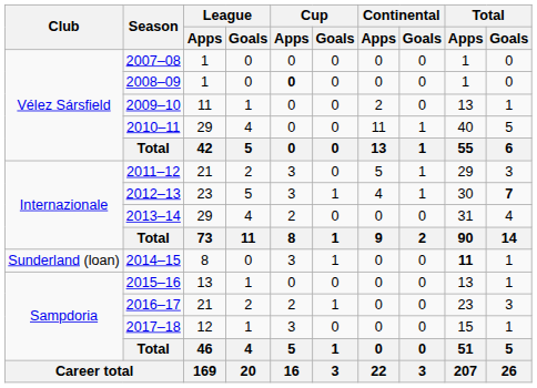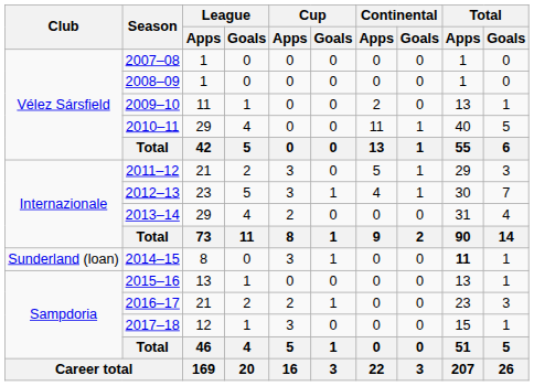 <table class="wikitable" style="text-align:center">
 <tr>
 <th rowspan="2">Club</th>
 <th rowspan="2">Season</th>
 <th colspan="2">League</th>
 <th colspan="2">Cup</th>
 <th colspan="2">Continental</th>
 <th colspan="2">Total</th>
 </tr>
 <tr>
 <th>Apps</th>
 <th>Goals</th>
 <th>Apps</th>
 <th>Goals</th>
 <th>Apps</th>
 <th>Goals</th>
 <th>Apps</th>
 <th>Goals</th>
 </tr>
 <tr>
 <td rowspan="5"><a href='#'>Vélez Sársfield</a></td>
 <td><a href='#'>2007–08</a></td>
 <td>1</td>
 <td>0</td>
 <td>0</td>
 <td>0</td>
 <td>0</td>
 <td>0</td>
 <td>1</td>
 <td>0</td>
 </tr>
 <tr>
 <td><a href='#'>2008–09</a></td>
 <td>1</td>
 <td>0</td>
-<td><strong>0</strong></td>
+<td>0</td>
 <td>0</td>
 <td>0</td>
 <td>0</td>
 <td>1</td>
 <td>0</td>
 </tr>
 <tr>
 <td><a href='#'>2009–10</a></td>
 <td>11</td>
 <td>1</td>
 <td>0</td>
 <td>0</td>
 <td>2</td>
 <td>0</td>
 <td>13</td>
 <td>1</td>
 </tr>
 <tr>
 <td><a href='#'>2010–11</a></td>
 <td>29</td>
 <td>4</td>
 <td>0</td>
 <td>0</td>
 <td>11</td>
 <td>1</td>
 <td>40</td>
 <td>5</td>
 </tr>
 <tr>
 <th colspan="1">Total</th>
 <th>42</th>
 <th>5</th>
 <th>0</th>
 <th>0</th>
 <th>13</th>
 <th>1</th>
 <th>55</th>
 <th>6</th>
 </tr>
 <tr>
 <td rowspan="4"><a href='#'>Internazionale</a></td>
 <td><a href='#'>2011–12</a></td>
 <td>21</td>
 <td>2</td>
 <td>3</td>
 <td>0</td>
 <td>5</td>
 <td>1</td>
 <td>29</td>
 <td>3</td>
 </tr>
 <tr>
 <td><a href='#'>2012–13</a></td>
 <td>23</td>
 <td>5</td>
 <td>3</td>
 <td>1</td>
 <td>4</td>
 <td>1</td>
 <td>30</td>
-<td><strong>7</strong></td>
+<td>7</td>
 </tr>
 <tr>
 <td><a href='#'>2013–14</a></td>
 <td>29</td>
 <td>4</td>
 <td>2</td>
 <td>0</td>
 <td>0</td>
 <td>0</td>
 <td>31</td>
 <td>4</td>
 </tr>
 <tr>
 <th colspan="1">Total</th>
 <th>73</th>
 <th>11</th>
 <th>8</th>
 <th>1</th>
 <th>9</th>
 <th>2</th>
 <th>90</th>
 <th>14</th>
 </tr>
 <tr>
 <td><a href='#'>Sunderland</a> (loan)</td>
 <td><a href='#'>2014–15</a></td>
 <td>8</td>
 <td>0</td>
 <td>3</td>
 <td>1</td>
 <td>0</td>
 <td>0</td>
 <td><strong>11</strong></td>
 <td>1</td>
 </tr>
 <tr>
 <td rowspan="4"><a href='#'>Sampdoria</a></td>
 <td><a href='#'>2015–16</a></td>
 <td>13</td>
 <td>1</td>
 <td>0</td>
 <td>0</td>
 <td>0</td>
 <td>0</td>
 <td>13</td>
 <td>1</td>
 </tr>
 <tr>
 <td><a href='#'>2016–17</a></td>
 <td>21</td>
 <td>2</td>
 <td>2</td>
 <td>1</td>
 <td>0</td>
 <td>0</td>
 <td>23</td>
 <td>3</td>
 </tr>
 <tr>
 <td><a href='#'>2017–18</a></td>
 <td>12</td>
 <td>1</td>
 <td>3</td>
 <td>0</td>
 <td>0</td>
 <td>0</td>
 <td>15</td>
 <td>1</td>
 </tr>
 <tr>
 <th colspan="1">Total</th>
 <th>46</th>
 <th>4</th>
 <th>5</th>
 <th>1</th>
 <th>0</th>
 <th>0</th>
 <th>51</th>
 <th>5</th>
 </tr>
 <tr>
 <th colspan="2">Career total</th>
 <th>169</th>
 <th>20</th>
 <th>16</th>
 <th>3</th>
 <th>22</th>
 <th>3</th>
 <th>207</th>
 <th>26</th>
 </tr>
 </table>
